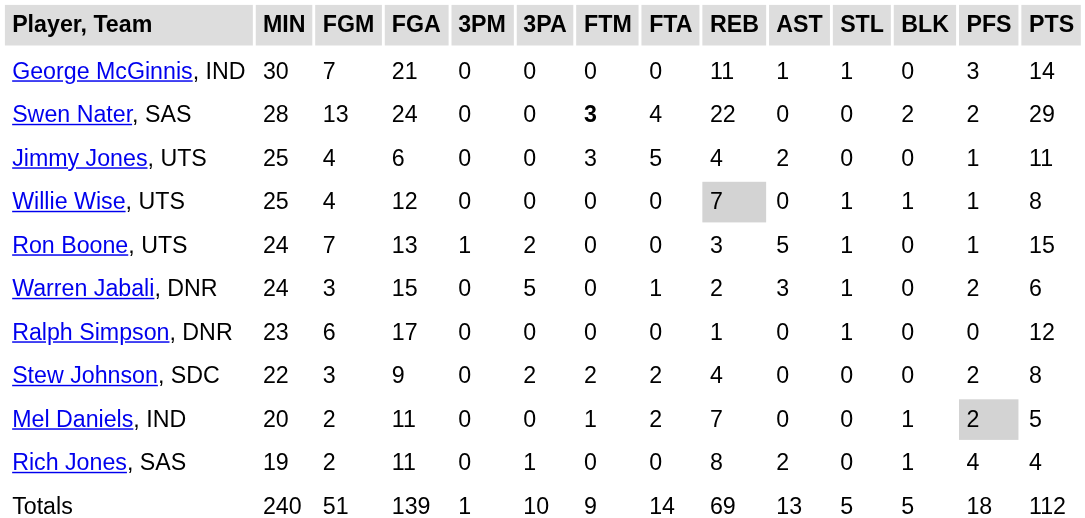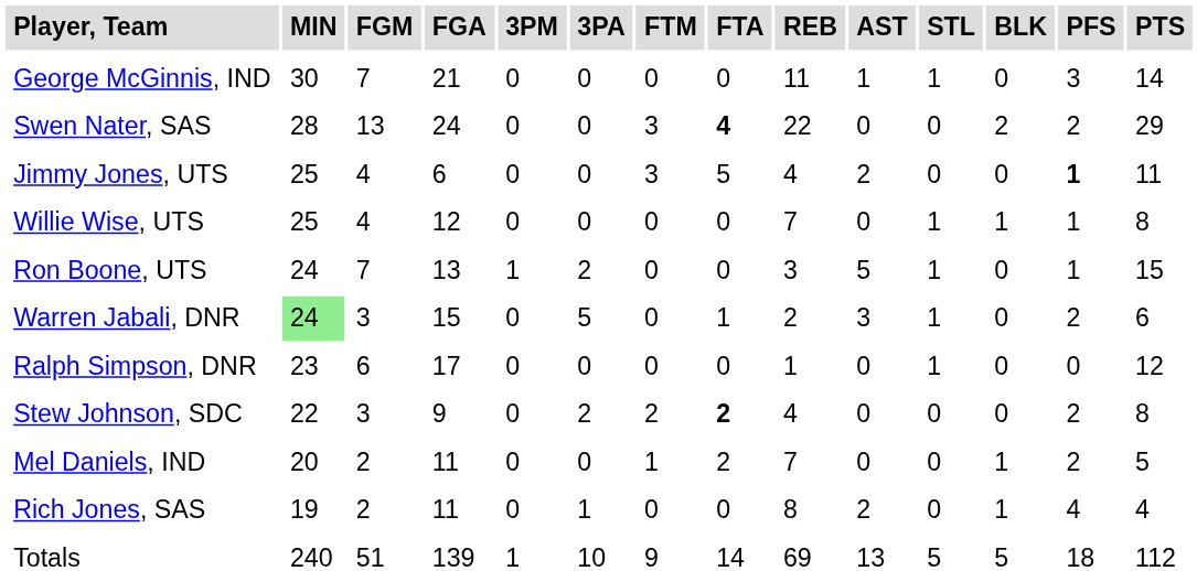 <table cellpadding=5>
 <tr bgcolor="#dddddd">
 <td><strong>Player, Team</strong></td>
 <td><strong>MIN</strong></td>
 <td><strong>FGM</strong></td>
 <td><strong>FGA</strong></td>
 <td><strong>3PM</strong></td>
 <td><strong>3PA</strong></td>
 <td><strong>FTM</strong></td>
 <td><strong>FTA</strong></td>
 <td><strong>REB</strong></td>
 <td><strong>AST</strong></td>
 <td><strong>STL</strong></td>
 <td><strong>BLK</strong></td>
 <td><strong>PFS</strong></td>
 <td><strong>PTS</strong></td>
 </tr>
 <tr bgcolor="#eeeeee">
 </tr>
 <tr>
 <td><a href='#'>George McGinnis</a>, IND</td>
 <td>30</td>
 <td>7</td>
 <td>21</td>
 <td>0</td>
 <td>0</td>
 <td>0</td>
 <td>0</td>
 <td>11</td>
 <td>1</td>
 <td>1</td>
 <td>0</td>
 <td>3</td>
 <td>14</td>
 </tr>
 <tr>
 <td><a href='#'>Swen Nater</a>, SAS</td>
 <td>28</td>
 <td>13</td>
 <td>24</td>
 <td>0</td>
 <td>0</td>
-<td><strong>3</strong></td>
-<td>4</td>
+<td>3</td>
+<td><strong>4</strong></td>
 <td>22</td>
 <td>0</td>
 <td>0</td>
 <td>2</td>
 <td>2</td>
 <td>29</td>
 </tr>
 <tr>
 <td><a href='#'>Jimmy Jones</a>, UTS</td>
 <td>25</td>
 <td>4</td>
 <td>6</td>
 <td>0</td>
 <td>0</td>
 <td>3</td>
 <td>5</td>
 <td>4</td>
 <td>2</td>
 <td>0</td>
 <td>0</td>
-<td>1</td>
+<td><strong>1</strong></td>
 <td>11</td>
 </tr>
 <tr>
 <td><a href='#'>Willie Wise</a>, UTS</td>
 <td>25</td>
 <td>4</td>
 <td>12</td>
 <td>0</td>
 <td>0</td>
 <td>0</td>
 <td>0</td>
-<td style="background: lightgrey;">7</td>
+<td>7</td>
 <td>0</td>
 <td>1</td>
 <td>1</td>
 <td>1</td>
 <td>8</td>
 </tr>
 <tr>
 <td><a href='#'>Ron Boone</a>, UTS</td>
 <td>24</td>
 <td>7</td>
 <td>13</td>
 <td>1</td>
 <td>2</td>
 <td>0</td>
 <td>0</td>
 <td>3</td>
 <td>5</td>
 <td>1</td>
 <td>0</td>
 <td>1</td>
 <td>15</td>
 </tr>
 <tr>
 <td><a href='#'>Warren Jabali</a>, DNR</td>
-<td>24</td>
+<td style="background: lightgreen;">24</td>
 <td>3</td>
 <td>15</td>
 <td>0</td>
 <td>5</td>
 <td>0</td>
 <td>1</td>
 <td>2</td>
 <td>3</td>
 <td>1</td>
 <td>0</td>
 <td>2</td>
 <td>6</td>
 </tr>
 <tr>
 <td><a href='#'>Ralph Simpson</a>, DNR</td>
 <td>23</td>
 <td>6</td>
 <td>17</td>
 <td>0</td>
 <td>0</td>
 <td>0</td>
 <td>0</td>
 <td>1</td>
 <td>0</td>
 <td>1</td>
 <td>0</td>
 <td>0</td>
 <td>12</td>
 </tr>
 <tr>
 <td><a href='#'>Stew Johnson</a>, SDC</td>
 <td>22</td>
 <td>3</td>
 <td>9</td>
 <td>0</td>
 <td>2</td>
 <td>2</td>
-<td>2</td>
+<td><strong>2</strong></td>
 <td>4</td>
 <td>0</td>
 <td>0</td>
 <td>0</td>
 <td>2</td>
 <td>8</td>
 </tr>
 <tr>
 <td><a href='#'>Mel Daniels</a>, IND</td>
 <td>20</td>
 <td>2</td>
 <td>11</td>
 <td>0</td>
 <td>0</td>
 <td>1</td>
 <td>2</td>
 <td>7</td>
 <td>0</td>
 <td>0</td>
 <td>1</td>
-<td style="background: lightgrey;">2</td>
+<td>2</td>
 <td>5</td>
 </tr>
 <tr>
 <td><a href='#'>Rich Jones</a>, SAS</td>
 <td>19</td>
 <td>2</td>
 <td>11</td>
 <td>0</td>
 <td>1</td>
 <td>0</td>
 <td>0</td>
 <td>8</td>
 <td>2</td>
 <td>0</td>
 <td>1</td>
 <td>4</td>
 <td>4</td>
 </tr>
 <tr>
 <td>Totals</td>
 <td>240</td>
 <td>51</td>
 <td>139</td>
 <td>1</td>
 <td>10</td>
 <td>9</td>
 <td>14</td>
 <td>69</td>
 <td>13</td>
 <td>5</td>
 <td>5</td>
 <td>18</td>
 <td>112</td>
 </tr>
 <tr>
 </tr>
 </table>
